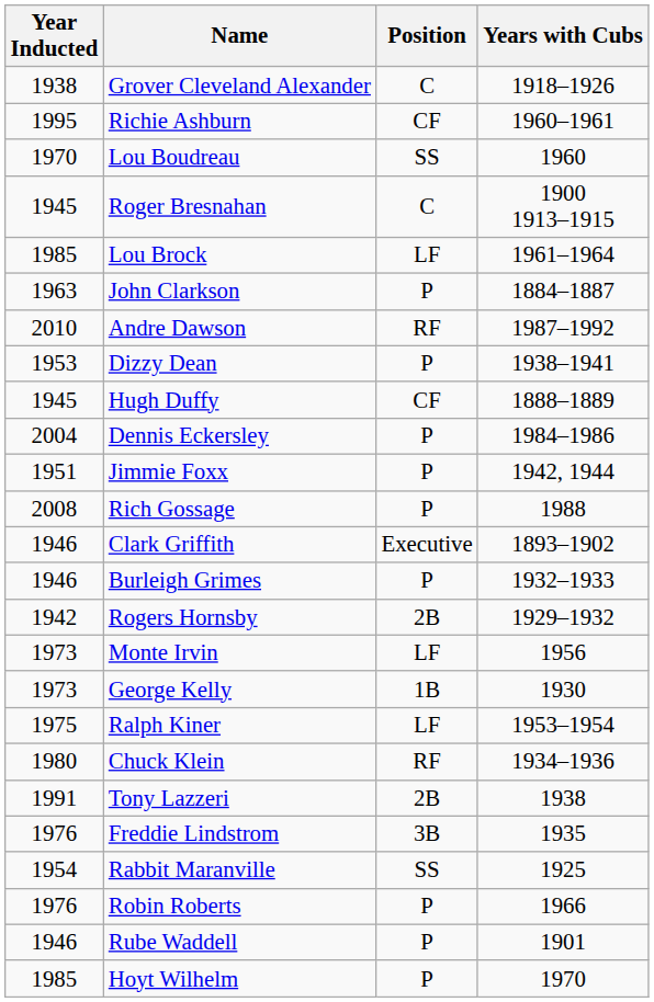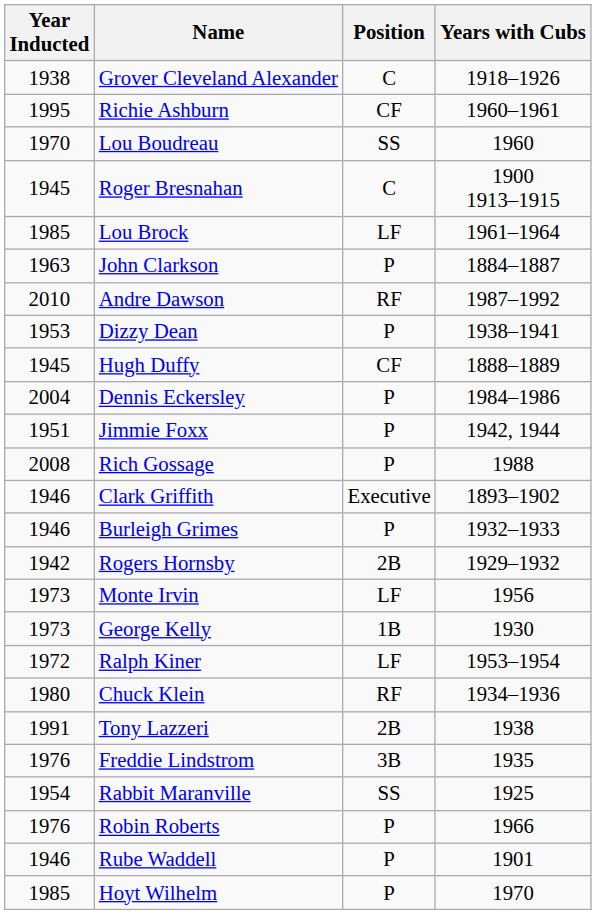 <table class="wikitable sortable">
 <tr>
 <th align="center">Year<br>Inducted</th>
 <th align="center">Name</th>
 <th align="center">Position</th>
 <th align="center">Years with Cubs</th>
 </tr>
 <tr>
 <td align="center">1938</td>
 <td align="left"><a href='#'>Grover Cleveland Alexander</a></td>
 <td align="center">C</td>
 <td align="center">1918–1926</td>
 </tr>
 <tr>
 <td align="center">1995</td>
 <td align="left"><a href='#'>Richie Ashburn</a></td>
 <td align="center">CF</td>
 <td align="center">1960–1961</td>
 </tr>
 <tr>
 <td align="center">1970</td>
 <td align="left"><a href='#'>Lou Boudreau</a></td>
 <td align="center">SS</td>
 <td align="center">1960</td>
 </tr>
 <tr>
 <td align="center">1945</td>
 <td align="left"><a href='#'>Roger Bresnahan</a></td>
 <td align="center">C</td>
 <td align="center">1900<br>1913–1915</td>
 </tr>
 <tr>
 <td align="center">1985</td>
 <td align="left"><a href='#'>Lou Brock</a></td>
 <td align="center">LF</td>
 <td align="center">1961–1964</td>
 </tr>
 <tr>
 <td align="center">1963</td>
 <td align="left"><a href='#'>John Clarkson</a></td>
 <td align="center">P</td>
 <td align="center">1884–1887</td>
 </tr>
 <tr>
 <td align="center">2010</td>
 <td align="left"><a href='#'>Andre Dawson</a></td>
 <td align="center">RF</td>
 <td align="center">1987–1992</td>
 </tr>
 <tr>
 <td align="center">1953</td>
 <td align="left"><a href='#'>Dizzy Dean</a></td>
 <td align="center">P</td>
 <td align="center">1938–1941</td>
 </tr>
 <tr>
 <td align="center">1945</td>
 <td align="left"><a href='#'>Hugh Duffy</a></td>
 <td align="center">CF</td>
 <td align="center">1888–1889</td>
 </tr>
 <tr>
 <td align="center">2004</td>
 <td align="left"><a href='#'>Dennis Eckersley</a></td>
 <td align="center">P</td>
 <td align="center">1984–1986</td>
 </tr>
 <tr>
 <td align="center">1951</td>
 <td align="left"><a href='#'>Jimmie Foxx</a></td>
 <td align="center">P</td>
 <td align="center">1942, 1944</td>
 </tr>
 <tr>
 <td align="center">2008</td>
 <td align="left"><a href='#'>Rich Gossage</a></td>
 <td align="center">P</td>
 <td align="center">1988</td>
 </tr>
 <tr>
 <td align="center">1946</td>
 <td align="left"><a href='#'>Clark Griffith</a></td>
 <td align="center">Executive</td>
 <td align="center">1893–1902</td>
 </tr>
 <tr>
 <td align="center">1946</td>
 <td align="left"><a href='#'>Burleigh Grimes</a></td>
 <td align="center">P</td>
 <td align="center">1932–1933</td>
 </tr>
 <tr>
 <td align="center">1942</td>
 <td align="left"><a href='#'>Rogers Hornsby</a></td>
 <td align="center">2B</td>
 <td align="center">1929–1932</td>
 </tr>
 <tr>
 <td align="center">1973</td>
 <td align="left"><a href='#'>Monte Irvin</a></td>
 <td align="center">LF</td>
 <td align="center">1956</td>
 </tr>
 <tr>
 <td align="center">1973</td>
 <td align="left"><a href='#'>George Kelly</a></td>
 <td align="center">1B</td>
 <td align="center">1930</td>
 </tr>
 <tr>
-<td align="center">1975</td>
+<td align="center">1972</td>
 <td align="left"><a href='#'>Ralph Kiner</a></td>
 <td align="center">LF</td>
 <td align="center">1953–1954</td>
 </tr>
 <tr>
 <td align="center">1980</td>
 <td align="left"><a href='#'>Chuck Klein</a></td>
 <td align="center">RF</td>
 <td align="center">1934–1936</td>
 </tr>
 <tr>
 <td align="center">1991</td>
 <td align="left"><a href='#'>Tony Lazzeri</a></td>
 <td align="center">2B</td>
 <td align="center">1938</td>
 </tr>
 <tr>
 <td align="center">1976</td>
 <td align="left"><a href='#'>Freddie Lindstrom</a></td>
 <td align="center">3B</td>
 <td align="center">1935</td>
 </tr>
 <tr>
 <td align="center">1954</td>
 <td align="left"><a href='#'>Rabbit Maranville</a></td>
 <td align="center">SS</td>
 <td align="center">1925</td>
 </tr>
 <tr>
 <td align="center">1976</td>
 <td align="left"><a href='#'>Robin Roberts</a></td>
 <td align="center">P</td>
 <td align="center">1966</td>
 </tr>
 <tr>
 <td align="center">1946</td>
 <td align="left"><a href='#'>Rube Waddell</a></td>
 <td align="center">P</td>
 <td align="center">1901</td>
 </tr>
 <tr>
 <td align="center">1985</td>
 <td align="left"><a href='#'>Hoyt Wilhelm</a></td>
 <td align="center">P</td>
 <td align="center">1970</td>
 </tr>
 </table>
